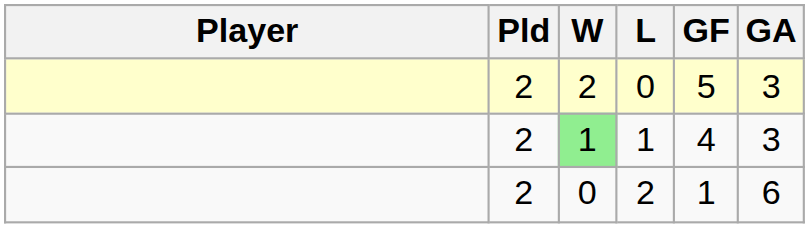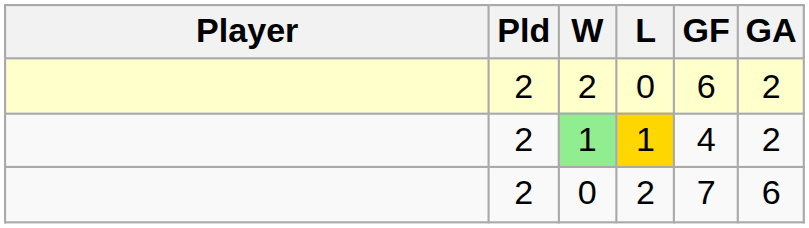 <table class=wikitable style="text-align:center">
 <tr>
 <th width=220>Player</th>
 <th width=20>Pld</th>
 <th width=20>W</th>
 <th width=20>L</th>
 <th width=20>GF</th>
 <th width=20>GA</th>
 </tr>
 <tr bgcolor=#ffffcc>
 <td align=left></td>
 <td>2</td>
 <td>2</td>
 <td>0</td>
-<td>5</td>
-<td>3</td>
+<td>6</td>
+<td>2</td>
 </tr>
 <tr>
 <td align=left></td>
 <td>2</td>
 <td style="background: lightgreen;">1</td>
-<td>1</td>
+<td style="background: gold;">1</td>
 <td>4</td>
-<td>3</td>
+<td>2</td>
 </tr>
 <tr>
 <td align=left></td>
 <td>2</td>
 <td>0</td>
 <td>2</td>
-<td>1</td>
+<td>7</td>
 <td>6</td>
 </tr>
 </table>
